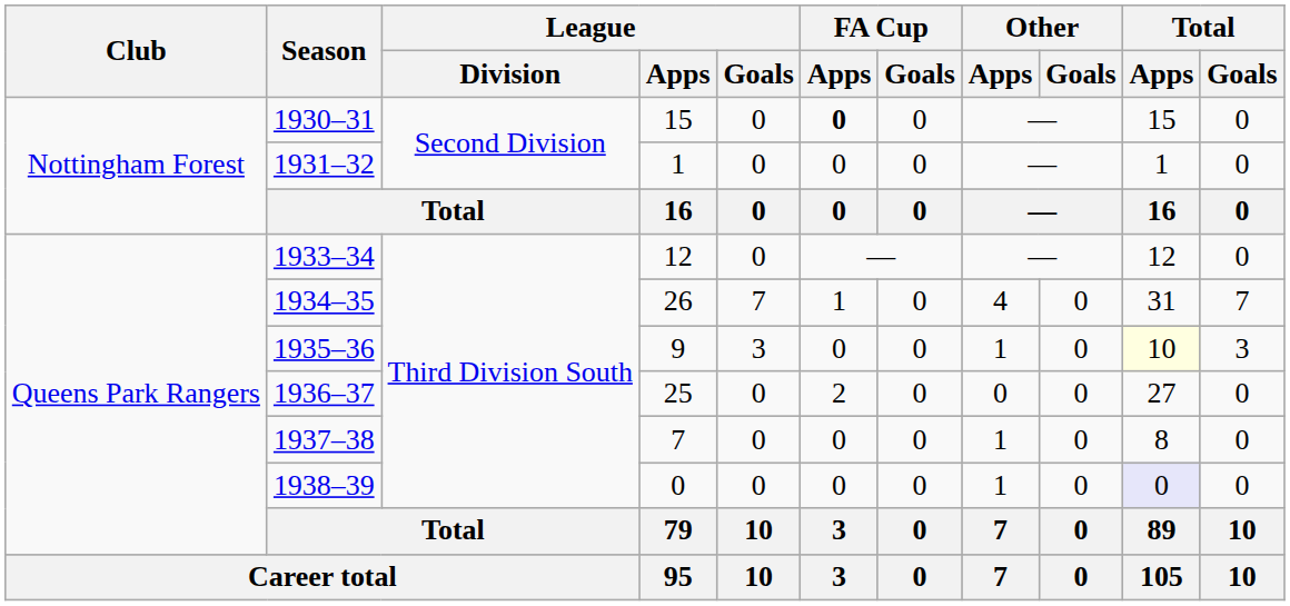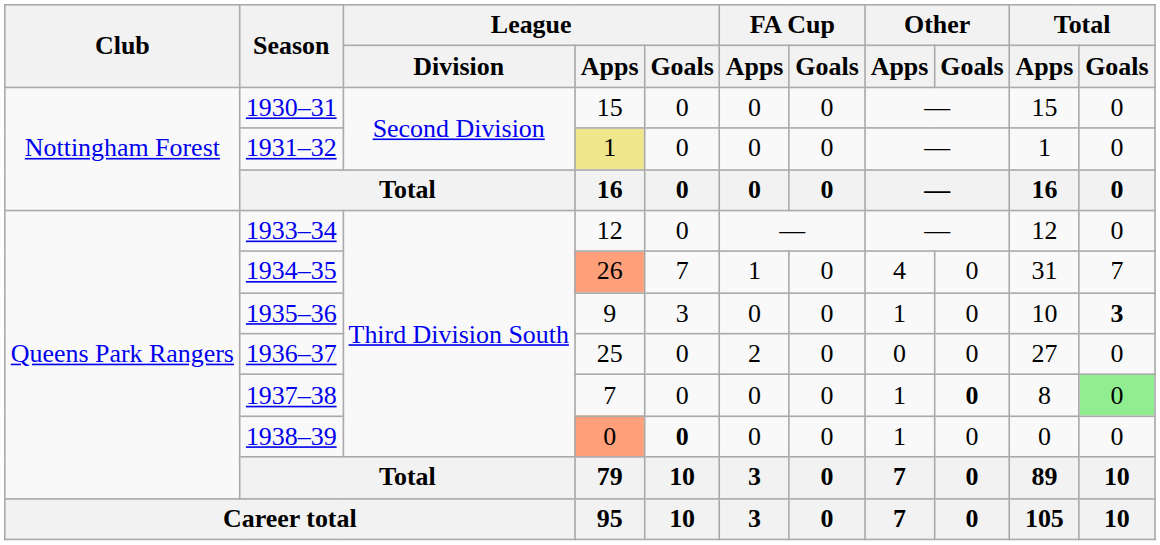 <table class="wikitable" style="text-align: center;">
 <tr>
 <th rowspan="2">Club</th>
 <th rowspan="2">Season</th>
 <th colspan="3">League</th>
 <th colspan="2">FA Cup</th>
 <th colspan="2">Other</th>
 <th colspan="2">Total</th>
 </tr>
 <tr>
 <th>Division</th>
 <th>Apps</th>
 <th>Goals</th>
 <th>Apps</th>
 <th>Goals</th>
 <th>Apps</th>
 <th>Goals</th>
 <th>Apps</th>
 <th>Goals</th>
 </tr>
 <tr>
 <td rowspan="3"><a href='#'>Nottingham Forest</a></td>
 <td><a href='#'>1930–31</a></td>
 <td rowspan="2"><a href='#'>Second Division</a></td>
 <td>15</td>
 <td>0</td>
-<td><strong>0</strong></td>
+<td>0</td>
 <td>0</td>
 <td colspan="2">—</td>
 <td>15</td>
 <td>0</td>
 </tr>
 <tr>
 <td><a href='#'>1931–32</a></td>
-<td>1</td>
+<td style="background: khaki;">1</td>
 <td>0</td>
 <td>0</td>
 <td>0</td>
 <td colspan="2">—</td>
 <td>1</td>
 <td>0</td>
 </tr>
 <tr>
 <th colspan="2">Total</th>
 <th>16</th>
 <th>0</th>
 <th>0</th>
 <th>0</th>
 <th colspan="2">—</th>
 <th>16</th>
 <th>0</th>
 </tr>
 <tr>
 <td rowspan="7"><a href='#'>Queens Park Rangers</a></td>
 <td><a href='#'>1933–34</a></td>
 <td rowspan="6"><a href='#'>Third Division South</a></td>
 <td>12</td>
 <td>0</td>
 <td colspan="2">—</td>
 <td colspan="2">—</td>
 <td>12</td>
 <td>0</td>
 </tr>
 <tr>
 <td><a href='#'>1934–35</a></td>
-<td>26</td>
+<td style="background: lightsalmon;">26</td>
 <td>7</td>
 <td>1</td>
 <td>0</td>
 <td>4</td>
 <td>0</td>
 <td>31</td>
 <td>7</td>
 </tr>
 <tr>
 <td><a href='#'>1935–36</a></td>
 <td>9</td>
 <td>3</td>
 <td>0</td>
 <td>0</td>
 <td>1</td>
 <td>0</td>
-<td style="background: lightyellow;">10</td>
-<td>3</td>
+<td>10</td>
+<td><strong>3</strong></td>
 </tr>
 <tr>
 <td><a href='#'>1936–37</a></td>
 <td>25</td>
 <td>0</td>
 <td>2</td>
 <td>0</td>
 <td>0</td>
 <td>0</td>
 <td>27</td>
 <td>0</td>
 </tr>
 <tr>
 <td><a href='#'>1937–38</a></td>
 <td>7</td>
 <td>0</td>
 <td>0</td>
 <td>0</td>
 <td>1</td>
-<td>0</td>
+<td><strong>0</strong></td>
 <td>8</td>
-<td>0</td>
+<td style="background: lightgreen;">0</td>
 </tr>
 <tr>
 <td><a href='#'>1938–39</a></td>
-<td>0</td>
-<td>0</td>
+<td style="background: lightsalmon;">0</td>
+<td><strong>0</strong></td>
 <td>0</td>
 <td>0</td>
 <td>1</td>
 <td>0</td>
-<td style="background: lavender;">0</td>
+<td>0</td>
 <td>0</td>
 </tr>
 <tr>
 <th colspan="2">Total</th>
 <th>79</th>
 <th>10</th>
 <th>3</th>
 <th>0</th>
 <th>7</th>
 <th>0</th>
 <th>89</th>
 <th>10</th>
 </tr>
 <tr>
 <th colspan="3">Career total</th>
 <th>95</th>
 <th>10</th>
 <th>3</th>
 <th>0</th>
 <th>7</th>
 <th>0</th>
 <th>105</th>
 <th>10</th>
 </tr>
 </table>
